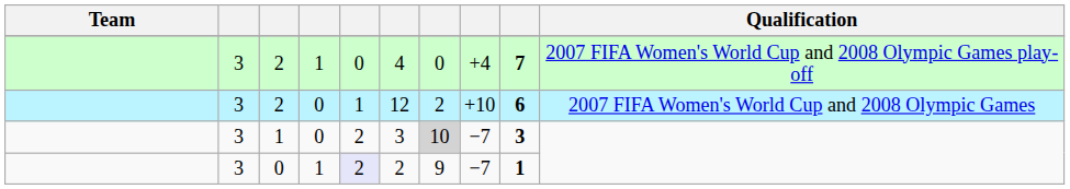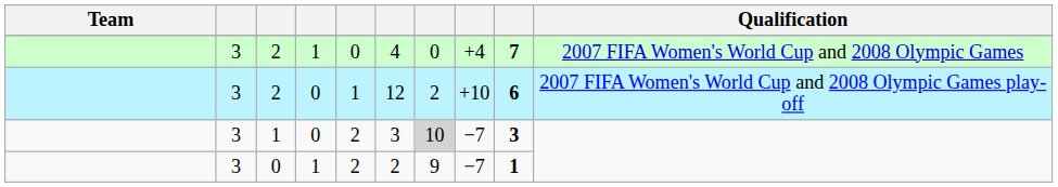 <table class="wikitable" style="text-align: center;">
 <tr>
 <th width=165>Team</th>
 <th width=25></th>
 <th width=25></th>
 <th width=25></th>
 <th width=25></th>
 <th width=25></th>
 <th width=25></th>
 <th width=25></th>
 <th width=25></th>
 <th width=415>Qualification</th>
 </tr>
 <tr style="background:#ffffff;">
 </tr>
 <tr align=center bgcolor=ccffcc>
 <td style="text-align:left;"></td>
 <td>3</td>
 <td>2</td>
 <td>1</td>
 <td>0</td>
 <td>4</td>
 <td>0</td>
 <td>+4</td>
 <td><strong>7</strong></td>
-<td><a href='#'>2007 FIFA Women's World Cup</a> and <a href='#'>2008 Olympic Games play-off</a></td>
+<td><a href='#'>2007 FIFA Women's World Cup</a> and <a href='#'>2008 Olympic Games</a></td>
 </tr>
 <tr align=center bgcolor=BBF3FF>
 <td style="text-align:left;"></td>
 <td>3</td>
 <td>2</td>
 <td>0</td>
 <td>1</td>
 <td>12</td>
 <td>2</td>
 <td>+10</td>
 <td><strong>6</strong></td>
-<td><a href='#'>2007 FIFA Women's World Cup</a> and <a href='#'>2008 Olympic Games</a></td>
+<td><a href='#'>2007 FIFA Women's World Cup</a> and <a href='#'>2008 Olympic Games play-off</a></td>
 </tr>
 <tr align=center>
 <td style="text-align:left;"></td>
 <td>3</td>
 <td>1</td>
 <td>0</td>
 <td>2</td>
 <td>3</td>
 <td style="background: lightgrey;">10</td>
 <td>−7</td>
 <td><strong>3</strong></td>
 <td rowspan=2></td>
 </tr>
 <tr align=center>
 <td style="text-align:left;"></td>
 <td>3</td>
 <td>0</td>
 <td>1</td>
-<td style="background: lavender;">2</td>
+<td>2</td>
 <td>2</td>
 <td>9</td>
 <td>−7</td>
 <td><strong>1</strong></td>
 </tr>
 </table>
